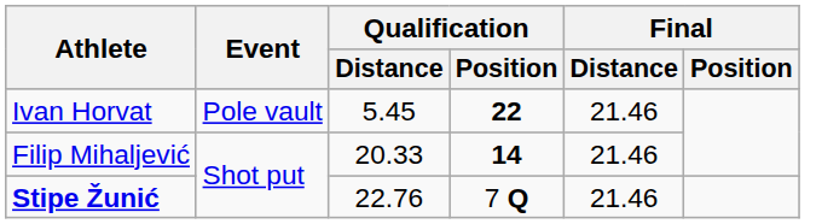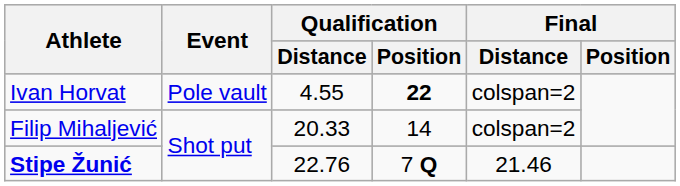 <table class=wikitable style=font-size:90%>
 <tr>
 <th rowspan=2>Athlete</th>
 <th rowspan=2>Event</th>
 <th colspan=2>Qualification</th>
 <th colspan=2>Final</th>
 </tr>
 <tr style=font-size:95%>
 <th>Distance</th>
 <th>Position</th>
 <th>Distance</th>
 <th>Position</th>
 </tr>
 <tr align=center>
 <td align=left><a href='#'>Ivan Horvat</a></td>
 <td align=left><a href='#'>Pole vault</a></td>
-<td>5.45</td>
+<td>4.55</td>
 <td><strong>22</strong></td>
-<td>21.46</td>
+<td>colspan=2 </td>
 </tr>
 <tr align=center>
 <td align=left><a href='#'>Filip Mihaljević</a></td>
 <td align=left rowspan=2><a href='#'>Shot put</a></td>
 <td>20.33</td>
-<td><strong>14</strong></td>
-<td>21.46</td>
+<td>14</td>
+<td>colspan=2 </td>
 </tr>
 <tr align=center>
 <td align=left><strong><a href='#'>Stipe Žunić</a></strong></td>
 <td>22.76</td>
 <td>7 <strong>Q</strong></td>
 <td>21.46</td>
 <td></td>
 </tr>
 </table>
